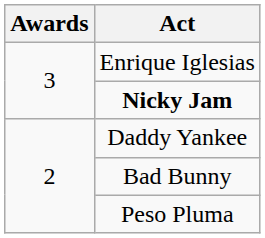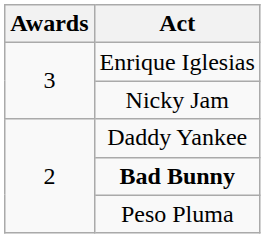 <table class="wikitable" rowspan="2" style="text-align:center;">
 <tr>
 <th scope="col">Awards</th>
 <th scope="col">Act</th>
 </tr>
 <tr>
 <td rowspan="2">3</td>
 <td>Enrique Iglesias</td>
 </tr>
 <tr>
-<td><strong>Nicky Jam</strong></td>
+<td>Nicky Jam</td>
 </tr>
 <tr>
 <td rowspan="3">2</td>
 <td>Daddy Yankee</td>
 </tr>
 <tr>
-<td>Bad Bunny</td>
+<td><strong>Bad Bunny</strong></td>
 </tr>
 <tr>
 <td>Peso Pluma</td>
 </tr>
 </table>
